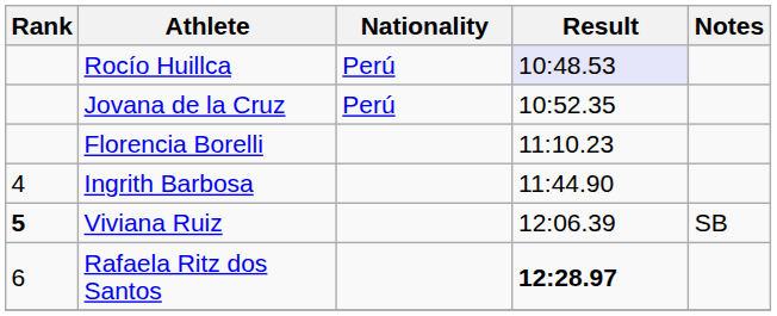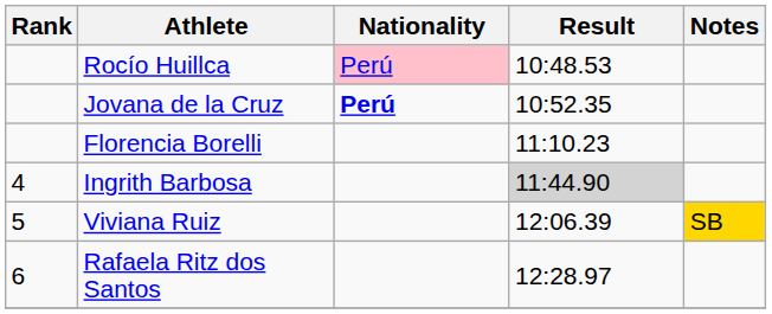 <table class="wikitable" style="font-size:95%" style="width:35em;" style="text-align:center">
 <tr>
 <th>Rank</th>
 <th width=150>Athlete</th>
 <th width=100>Nationality</th>
 <th width=100>Result</th>
 <th>Notes</th>
 </tr>
 <tr>
 <td></td>
 <td align=left><a href='#'>Rocío Huillca</a></td>
-<td align=left> <a href='#'>Perú</a></td>
-<td style="background: lavender;">10:48.53</td>
+<td align=left style="background: pink;"> <a href='#'>Perú</a></td>
+<td>10:48.53</td>
 <td></td>
 </tr>
 <tr>
 <td></td>
 <td align=left><a href='#'>Jovana de la Cruz</a></td>
-<td align=left> <a href='#'>Perú</a></td>
+<td align=left><strong> <a href='#'>Perú</a></strong></td>
 <td>10:52.35</td>
 <td></td>
 </tr>
 <tr>
 <td></td>
 <td align=left><a href='#'>Florencia Borelli</a></td>
 <td align=left></td>
 <td>11:10.23</td>
 <td></td>
 </tr>
 <tr>
 <td>4</td>
 <td align=left><a href='#'>Ingrith Barbosa</a></td>
 <td align=left></td>
-<td>11:44.90</td>
+<td style="background: lightgrey;">11:44.90</td>
 <td></td>
 </tr>
 <tr>
-<td><strong>5</strong></td>
+<td>5</td>
 <td align=left><a href='#'>Viviana Ruiz</a></td>
 <td align=left></td>
 <td>12:06.39</td>
-<td>SB</td>
+<td style="background: gold;">SB</td>
 </tr>
 <tr>
 <td>6</td>
 <td align=left><a href='#'>Rafaela Ritz dos Santos</a></td>
 <td align=left></td>
-<td><strong>12:28.97</strong></td>
+<td>12:28.97</td>
 <td></td>
 </tr>
 <tr>
 </tr>
 </table>
